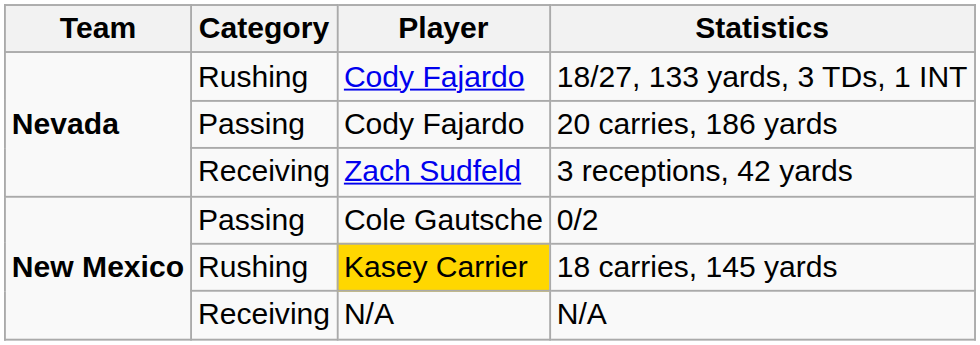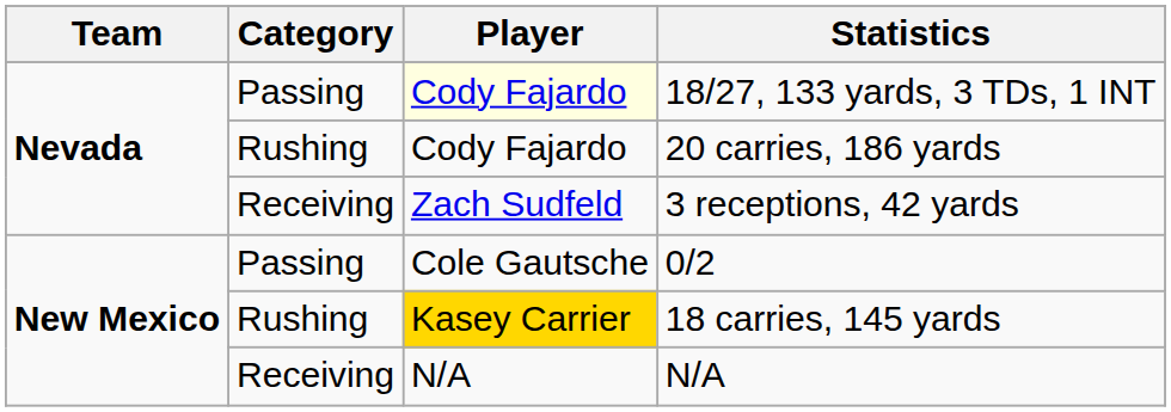 <table class="wikitable" style="float: left;">
 <tr>
 <th>Team</th>
 <th>Category</th>
 <th>Player</th>
 <th>Statistics</th>
 </tr>
 <tr>
 <td rowspan=3><strong>Nevada</strong></td>
-<td>Rushing</td>
-<td><a href='#'>Cody Fajardo</a></td>
+<td>Passing</td>
+<td style="background: lightyellow;"><a href='#'>Cody Fajardo</a></td>
 <td>18/27, 133 yards, 3 TDs, 1 INT</td>
 </tr>
 <tr>
-<td>Passing</td>
+<td>Rushing</td>
 <td>Cody Fajardo</td>
 <td>20 carries, 186 yards</td>
 </tr>
 <tr>
 <td>Receiving</td>
 <td><a href='#'>Zach Sudfeld</a></td>
 <td>3 receptions, 42 yards</td>
 </tr>
 <tr>
 <td rowspan=3><strong>New Mexico</strong></td>
 <td>Passing</td>
 <td>Cole Gautsche</td>
 <td>0/2</td>
 </tr>
 <tr>
 <td>Rushing</td>
 <td style="background: gold;">Kasey Carrier</td>
 <td>18 carries, 145 yards</td>
 </tr>
 <tr>
 <td>Receiving</td>
 <td>N/A</td>
 <td>N/A</td>
 </tr>
 </table>
